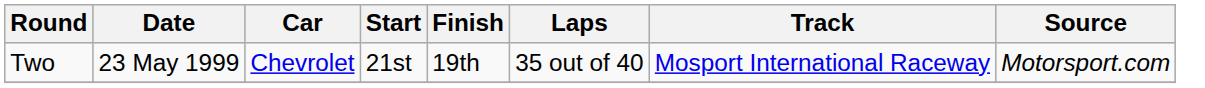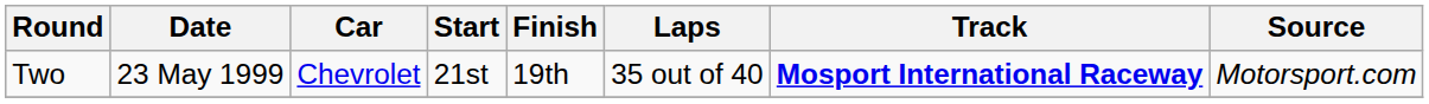 <table class="wikitable">
 <tr>
 <th>Round</th>
 <th>Date</th>
 <th>Car</th>
 <th>Start</th>
 <th>Finish</th>
 <th>Laps</th>
 <th>Track</th>
 <th>Source</th>
 </tr>
 <tr>
 <td>Two</td>
 <td>23 May 1999</td>
 <td><a href='#'>Chevrolet</a></td>
 <td>21st</td>
 <td>19th</td>
 <td>35 out of 40</td>
-<td><a href='#'>Mosport International Raceway</a></td>
+<td><strong><a href='#'>Mosport International Raceway</a></strong></td>
 <td><em>Motorsport.com</em></td>
 </tr>
 <tr>
 </tr>
 </table>
